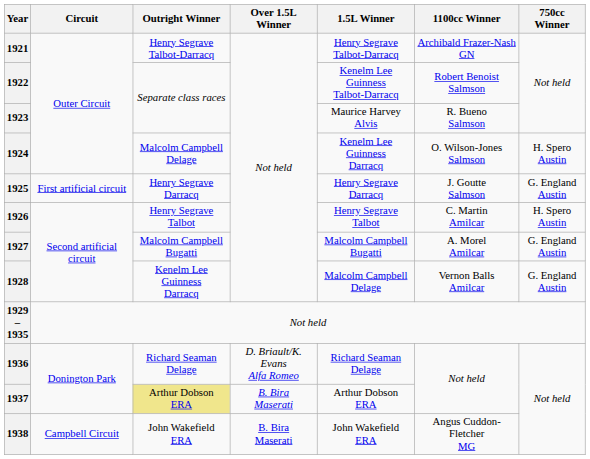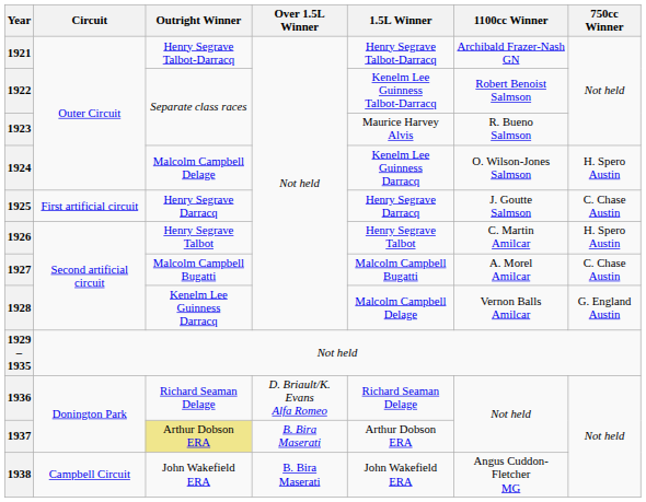 <table class="wikitable" style="text-align:center;">
 <tr>
 <th width="*">Year</th>
 <th width="*">Circuit</th>
 <th width="*">Outright Winner</th>
 <th width="*">Over 1.5L Winner</th>
 <th width="*">1.5L Winner</th>
 <th width="*">1100cc Winner</th>
 <th width="*">750cc Winner</th>
 </tr>
 <tr>
 <th>1921</th>
 <td rowspan="4"><a href='#'>Outer Circuit</a></td>
 <td><a href='#'>Henry Segrave</a> <br> <a href='#'>Talbot-Darracq</a></td>
 <td rowspan="8"><em>Not held</em></td>
 <td><a href='#'>Henry Segrave</a> <br> <a href='#'>Talbot-Darracq</a></td>
 <td><a href='#'>Archibald Frazer-Nash</a> <br> <a href='#'>GN</a></td>
 <td rowspan="3"><em>Not held</em></td>
 </tr>
 <tr>
 <th>1922</th>
 <td rowspan="2"><em>Separate class races</em></td>
 <td><a href='#'>Kenelm Lee Guinness</a> <br> <a href='#'>Talbot-Darracq</a></td>
 <td><a href='#'>Robert Benoist</a> <br> <a href='#'>Salmson</a></td>
 </tr>
 <tr>
 <th>1923</th>
 <td>Maurice Harvey <br> <a href='#'>Alvis</a></td>
 <td>R. Bueno <br> <a href='#'>Salmson</a></td>
 </tr>
 <tr>
 <th>1924</th>
 <td><a href='#'>Malcolm Campbell</a> <br> <a href='#'>Delage</a></td>
 <td><a href='#'>Kenelm Lee Guinness</a> <br> <a href='#'>Darracq</a></td>
 <td>O. Wilson-Jones <br> <a href='#'>Salmson</a></td>
 <td>H. Spero <br> <a href='#'>Austin</a></td>
 </tr>
 <tr>
 <th>1925</th>
 <td><a href='#'>First artificial circuit</a></td>
 <td><a href='#'>Henry Segrave</a> <br> <a href='#'>Darracq</a></td>
 <td><a href='#'>Henry Segrave</a> <br> <a href='#'>Darracq</a></td>
 <td>J. Goutte <br> <a href='#'>Salmson</a></td>
-<td>G. England <br> <a href='#'>Austin</a></td>
+<td>C. Chase <br> <a href='#'>Austin</a></td>
 </tr>
 <tr>
 <th>1926</th>
 <td rowspan="3"><a href='#'>Second artificial circuit</a></td>
 <td><a href='#'>Henry Segrave</a> <br> <a href='#'>Talbot</a></td>
 <td><a href='#'>Henry Segrave</a> <br> <a href='#'>Talbot</a></td>
 <td>C. Martin <br> <a href='#'>Amilcar</a></td>
 <td>H. Spero <br> <a href='#'>Austin</a></td>
 </tr>
 <tr>
 <th>1927</th>
 <td><a href='#'>Malcolm Campbell</a> <br> <a href='#'>Bugatti</a></td>
 <td><a href='#'>Malcolm Campbell</a> <br> <a href='#'>Bugatti</a></td>
 <td>A. Morel <br> <a href='#'>Amilcar</a></td>
-<td>G. England <br> <a href='#'>Austin</a></td>
+<td>C. Chase <br> <a href='#'>Austin</a></td>
 </tr>
 <tr>
 <th>1928</th>
 <td><a href='#'>Kenelm Lee Guinness</a> <br> <a href='#'>Darracq</a></td>
 <td><a href='#'>Malcolm Campbell</a> <br> <a href='#'>Delage</a></td>
 <td>Vernon Balls <br> <a href='#'>Amilcar</a></td>
 <td>G. England <br> <a href='#'>Austin</a></td>
 </tr>
 <tr>
 <th>1929 <br> – <br> 1935</th>
 <td colspan="6"><em>Not held</em></td>
 </tr>
 <tr>
 <th>1936</th>
 <td rowspan="2"><a href='#'>Donington Park</a></td>
 <td><a href='#'>Richard Seaman</a> <br> <a href='#'>Delage</a></td>
 <td><em>D. Briault/K. Evans <br> <a href='#'>Alfa Romeo</a></em></td>
 <td><a href='#'>Richard Seaman</a> <br> <a href='#'>Delage</a></td>
 <td rowspan="2"><em>Not held</em></td>
 <td rowspan="3"><em>Not held</em></td>
 </tr>
 <tr>
 <th>1937</th>
 <td style="background: khaki;">Arthur Dobson <br> <a href='#'>ERA</a></td>
 <td><em><a href='#'>B. Bira</a> <br> <a href='#'>Maserati</a></em></td>
 <td>Arthur Dobson <br> <a href='#'>ERA</a></td>
 </tr>
 <tr>
 <th>1938</th>
 <td><a href='#'>Campbell Circuit</a></td>
 <td>John Wakefield <br> <a href='#'>ERA</a></td>
 <td><a href='#'>B. Bira</a> <br> <a href='#'>Maserati</a></td>
 <td>John Wakefield <br> <a href='#'>ERA</a></td>
 <td>Angus Cuddon-Fletcher <br> <a href='#'>MG</a></td>
 </tr>
 </table>
